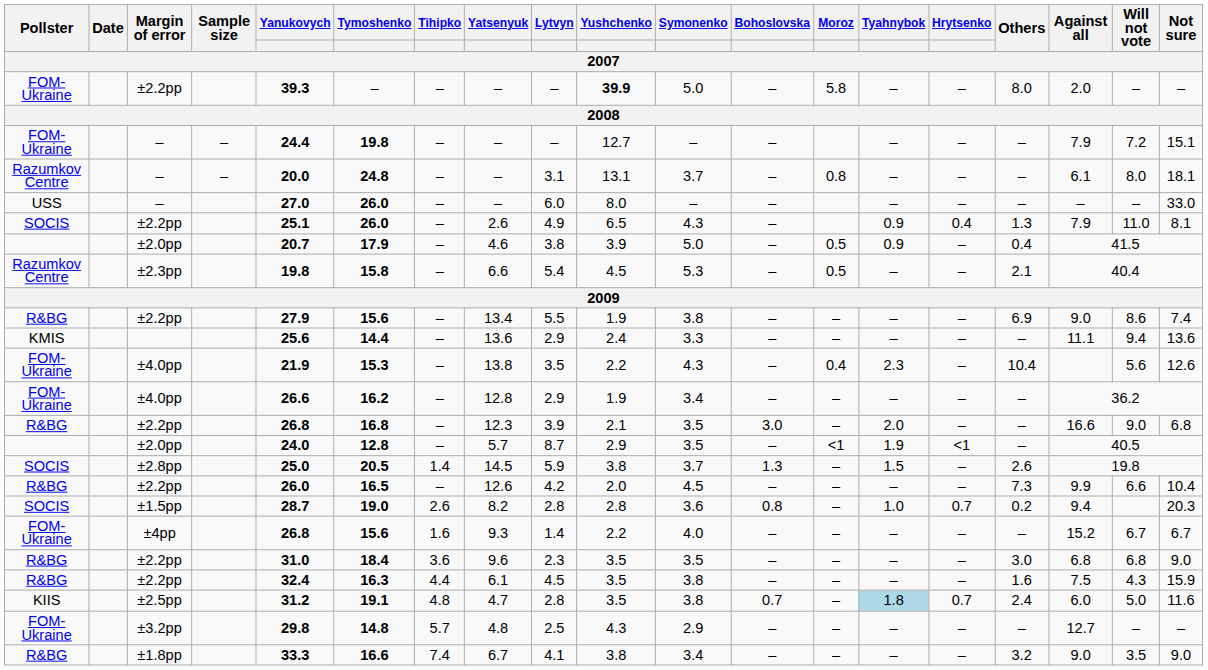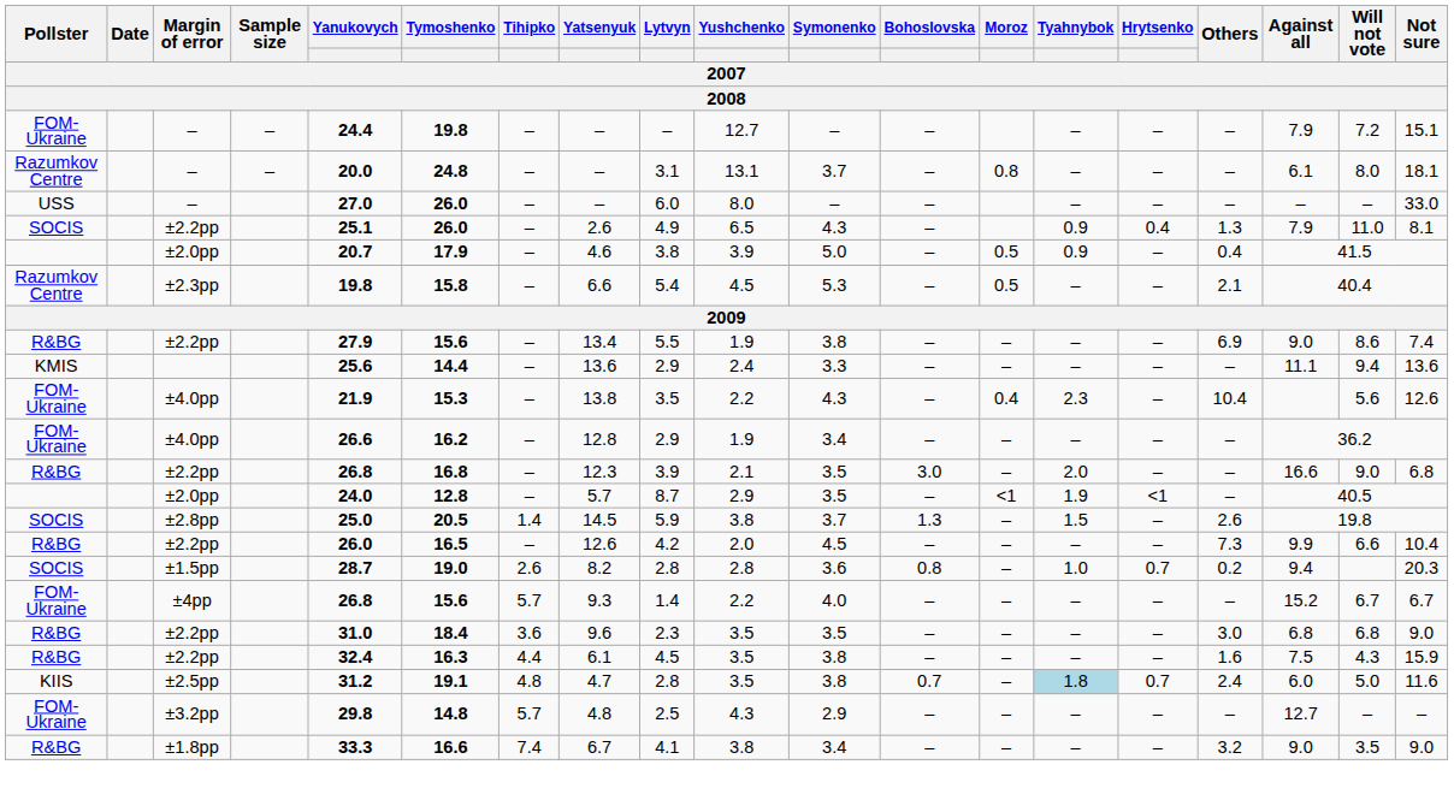 <table class="wikitable" style="text-align:center;font-size:95%;line-height:14px;">
 <tr>
 <th rowspan=2>Pollster</th>
 <th rowspan=2>Date</th>
 <th rowspan=2>Margin of error</th>
 <th rowspan=2>Sample size</th>
 <th style="width:40px;"> <small><a href='#'>Yanukovych</a></small><br></th>
 <th style="width:40px;"> <small><a href='#'>Tymoshenko</a></small><br></th>
 <th style="width:40px;"> <small><a href='#'>Tihipko</a></small><br></th>
 <th style="width:40px;"> <small><a href='#'>Yatsenyuk</a></small><br></th>
 <th style="width:40px;"> <small><a href='#'>Lytvyn</a></small><br></th>
 <th style="width:40px;"> <small><a href='#'>Yushchenko</a></small><br></th>
 <th style="width:40px;"> <small><a href='#'>Symonenko</a></small><br></th>
 <th style="width:40px;"> <small><a href='#'>Bohoslovska</a></small><br></th>
 <th style="width:40px;"> <small><a href='#'>Moroz</a></small><br></th>
 <th style="width:40px;"> <small><a href='#'>Tyahnybok</a></small><br></th>
 <th style="width:40px;"><small><a href='#'>Hrytsenko</a></small><br></th>
 <th rowspan=2>Others</th>
 <th rowspan=2>Against all</th>
 <th rowspan=2>Will not vote</th>
 <th rowspan=2>Not sure</th>
 </tr>
 <tr>
 <th></th>
 <th></th>
 <th></th>
 <th></th>
 <th></th>
 <th></th>
 <th></th>
 <th></th>
 <th></th>
 <th></th>
 <th></th>
 </tr>
 <tr>
 <th colspan=19>2007</th>
-</tr>
-<tr>
-<td><a href='#'>FOM-Ukraine</a></td>
-<td></td>
-<td>±2.2pp</td>
-<td></td>
-<td style="background-color:#"><strong>39.3</strong></td>
-<td>–</td>
-<td>–</td>
-<td>–</td>
-<td>–</td>
-<td style="background-color:#"><strong>39.9</strong></td>
-<td>5.0</td>
-<td>–</td>
-<td>5.8</td>
-<td>–</td>
-<td>–</td>
-<td>8.0</td>
-<td>2.0</td>
-<td>–</td>
-<td>–</td>
 </tr>
 <tr>
 <th colspan=19>2008</th>
 </tr>
 <tr>
 <td><a href='#'>FOM-Ukraine</a></td>
 <td></td>
 <td>–</td>
 <td>–</td>
 <td style="background-color:#"><strong>24.4</strong></td>
 <td style="background-color:#"><strong>19.8</strong></td>
 <td>–</td>
 <td>–</td>
 <td>–</td>
 <td>12.7</td>
 <td>–</td>
 <td>–</td>
 <td></td>
 <td>–</td>
 <td>–</td>
 <td>–</td>
 <td>7.9</td>
 <td>7.2</td>
 <td>15.1</td>
 </tr>
 <tr>
 <td><a href='#'>Razumkov Centre</a></td>
 <td></td>
 <td>–</td>
 <td>–</td>
 <td style="background-color:#"><strong>20.0</strong></td>
 <td style="background-color:#"><strong>24.8</strong></td>
 <td>–</td>
 <td>–</td>
 <td>3.1</td>
 <td>13.1</td>
 <td>3.7</td>
 <td>–</td>
 <td>0.8</td>
 <td>–</td>
 <td>–</td>
 <td>–</td>
 <td>6.1</td>
 <td>8.0</td>
 <td>18.1</td>
 </tr>
 <tr>
 <td>USS</td>
 <td></td>
 <td>–</td>
 <td></td>
 <td style="background-color:#"><strong>27.0</strong></td>
 <td style="background-color:#"><strong>26.0</strong></td>
 <td>–</td>
 <td>–</td>
 <td>6.0</td>
 <td>8.0</td>
 <td>–</td>
 <td>–</td>
 <td></td>
 <td>–</td>
 <td>–</td>
 <td>–</td>
 <td>–</td>
 <td>–</td>
 <td>33.0</td>
 </tr>
 <tr>
 <td><a href='#'>SOCIS</a></td>
 <td></td>
 <td>±2.2pp</td>
 <td></td>
 <td style="background-color:#"><strong>25.1</strong></td>
 <td style="background-color:#"><strong>26.0</strong></td>
 <td>–</td>
 <td>2.6</td>
 <td>4.9</td>
 <td>6.5</td>
 <td>4.3</td>
 <td>–</td>
 <td></td>
 <td>0.9</td>
 <td>0.4</td>
 <td>1.3</td>
 <td>7.9</td>
 <td>11.0</td>
 <td>8.1</td>
 </tr>
 <tr>
 <td></td>
 <td></td>
 <td>±2.0pp</td>
 <td></td>
 <td style="background-color:#"><strong>20.7</strong></td>
 <td style="background-color:#"><strong>17.9</strong></td>
 <td>–</td>
 <td>4.6</td>
 <td>3.8</td>
 <td>3.9</td>
 <td>5.0</td>
 <td>–</td>
 <td>0.5</td>
 <td>0.9</td>
 <td>–</td>
 <td>0.4</td>
 <td colspan="3">41.5</td>
 </tr>
 <tr>
 <td><a href='#'>Razumkov Centre</a></td>
 <td></td>
 <td>±2.3pp</td>
 <td></td>
 <td style="background-color:#"><strong>19.8</strong></td>
 <td style="background-color:#"><strong>15.8</strong></td>
 <td>–</td>
 <td>6.6</td>
 <td>5.4</td>
 <td>4.5</td>
 <td>5.3</td>
 <td>–</td>
 <td>0.5</td>
 <td>–</td>
 <td>–</td>
 <td>2.1</td>
 <td colspan="3">40.4</td>
 </tr>
 <tr>
 <th colspan=19>2009</th>
 </tr>
 <tr>
 <td><a href='#'>R&BG</a></td>
 <td></td>
 <td>±2.2pp</td>
 <td></td>
 <td style="background-color:#"><strong>27.9</strong></td>
 <td style="background-color:#"><strong>15.6</strong></td>
 <td>–</td>
 <td>13.4</td>
 <td>5.5</td>
 <td>1.9</td>
 <td>3.8</td>
 <td>–</td>
 <td>–</td>
 <td>–</td>
 <td>–</td>
 <td>6.9</td>
 <td>9.0</td>
 <td>8.6</td>
 <td>7.4</td>
 </tr>
 <tr>
 <td>KMIS</td>
 <td></td>
 <td></td>
 <td></td>
 <td style="background-color:#"><strong>25.6</strong></td>
 <td style="background-color:#"><strong>14.4</strong></td>
 <td>–</td>
 <td>13.6</td>
 <td>2.9</td>
 <td>2.4</td>
 <td>3.3</td>
 <td>–</td>
 <td>–</td>
 <td>–</td>
 <td>–</td>
 <td>–</td>
 <td>11.1</td>
 <td>9.4</td>
 <td>13.6</td>
 </tr>
 <tr>
 <td><a href='#'>FOM-Ukraine</a></td>
 <td></td>
 <td>±4.0pp</td>
 <td></td>
 <td style="background-color:#"><strong>21.9</strong></td>
 <td style="background-color:#"><strong>15.3</strong></td>
 <td>–</td>
 <td>13.8</td>
 <td>3.5</td>
 <td>2.2</td>
 <td>4.3</td>
 <td>–</td>
 <td>0.4</td>
 <td>2.3</td>
 <td>–</td>
 <td>10.4</td>
 <td></td>
 <td>5.6</td>
 <td>12.6</td>
 </tr>
 <tr>
 <td><a href='#'>FOM-Ukraine</a></td>
 <td></td>
 <td>±4.0pp</td>
 <td></td>
 <td style="background-color:#"><strong>26.6</strong></td>
 <td style="background-color:#"><strong>16.2</strong></td>
 <td>–</td>
 <td>12.8</td>
 <td>2.9</td>
 <td>1.9</td>
 <td>3.4</td>
 <td>–</td>
 <td>–</td>
 <td>–</td>
 <td>–</td>
 <td>–</td>
 <td colspan="3">36.2</td>
 </tr>
 <tr>
 <td><a href='#'>R&BG</a></td>
 <td></td>
 <td>±2.2pp</td>
 <td></td>
 <td style="background-color:#"><strong>26.8</strong></td>
 <td style="background-color:#"><strong>16.8</strong></td>
 <td>–</td>
 <td>12.3</td>
 <td>3.9</td>
 <td>2.1</td>
 <td>3.5</td>
 <td>3.0</td>
 <td>–</td>
 <td>2.0</td>
 <td>–</td>
 <td>–</td>
 <td>16.6</td>
 <td>9.0</td>
 <td>6.8</td>
 </tr>
 <tr>
 <td></td>
 <td></td>
 <td>±2.0pp</td>
 <td></td>
 <td style="background-color:#"><strong>24.0</strong></td>
 <td style="background-color:#"><strong>12.8</strong></td>
 <td>–</td>
 <td>5.7</td>
 <td>8.7</td>
 <td>2.9</td>
 <td>3.5</td>
 <td>–</td>
 <td><1</td>
 <td>1.9</td>
 <td><1</td>
 <td>–</td>
 <td colspan="3">40.5</td>
 </tr>
 <tr>
 <td><a href='#'>SOCIS</a></td>
 <td></td>
 <td>±2.8pp</td>
 <td></td>
 <td style="background-color:#"><strong>25.0</strong></td>
 <td style="background-color:#"><strong>20.5</strong></td>
 <td>1.4</td>
 <td>14.5</td>
 <td>5.9</td>
 <td>3.8</td>
 <td>3.7</td>
 <td>1.3</td>
 <td>–</td>
 <td>1.5</td>
 <td>–</td>
 <td>2.6</td>
 <td colspan="3">19.8</td>
 </tr>
 <tr>
 <td><a href='#'>R&BG</a></td>
 <td></td>
 <td>±2.2pp</td>
 <td></td>
 <td style="background-color:#"><strong>26.0</strong></td>
 <td style="background-color:#"><strong>16.5</strong></td>
 <td>–</td>
 <td>12.6</td>
 <td>4.2</td>
 <td>2.0</td>
 <td>4.5</td>
 <td>–</td>
 <td>–</td>
 <td>–</td>
 <td>–</td>
 <td>7.3</td>
 <td>9.9</td>
 <td>6.6</td>
 <td>10.4</td>
 </tr>
 <tr>
 <td><a href='#'>SOCIS</a></td>
 <td></td>
 <td>±1.5pp</td>
 <td></td>
 <td style="background-color:#"><strong>28.7</strong></td>
 <td style="background-color:#"><strong>19.0</strong></td>
 <td>2.6</td>
 <td>8.2</td>
 <td>2.8</td>
 <td>2.8</td>
 <td>3.6</td>
 <td>0.8</td>
 <td>–</td>
 <td>1.0</td>
 <td>0.7</td>
 <td>0.2</td>
 <td>9.4</td>
 <td></td>
 <td>20.3</td>
 </tr>
 <tr>
 <td><a href='#'>FOM-Ukraine</a></td>
 <td></td>
 <td>±4pp</td>
 <td></td>
 <td style="background-color:#"><strong>26.8</strong></td>
 <td style="background-color:#"><strong>15.6</strong></td>
-<td>1.6</td>
+<td>5.7</td>
 <td>9.3</td>
 <td>1.4</td>
 <td>2.2</td>
 <td>4.0</td>
 <td>–</td>
 <td>–</td>
 <td>–</td>
 <td>–</td>
 <td>–</td>
 <td>15.2</td>
 <td>6.7</td>
 <td>6.7</td>
 </tr>
 <tr>
 <td><a href='#'>R&BG</a></td>
 <td></td>
 <td>±2.2pp</td>
 <td></td>
 <td style="background-color:#"><strong>31.0</strong></td>
 <td style="background-color:#"><strong>18.4</strong></td>
 <td>3.6</td>
 <td>9.6</td>
 <td>2.3</td>
 <td>3.5</td>
 <td>3.5</td>
 <td>–</td>
 <td>–</td>
 <td>–</td>
 <td>–</td>
 <td>3.0</td>
 <td>6.8</td>
 <td>6.8</td>
 <td>9.0</td>
 </tr>
 <tr>
 <td><a href='#'>R&BG</a></td>
 <td></td>
 <td>±2.2pp</td>
 <td></td>
 <td style="background-color:#"><strong>32.4</strong></td>
 <td style="background-color:#"><strong>16.3</strong></td>
 <td>4.4</td>
 <td>6.1</td>
 <td>4.5</td>
 <td>3.5</td>
 <td>3.8</td>
 <td>–</td>
 <td>–</td>
 <td>–</td>
 <td>–</td>
 <td>1.6</td>
 <td>7.5</td>
 <td>4.3</td>
 <td>15.9</td>
 </tr>
 <tr>
 <td>KIIS</td>
 <td></td>
 <td>±2.5pp</td>
 <td></td>
 <td style="background-color:#"><strong>31.2</strong></td>
 <td style="background-color:#"><strong>19.1</strong></td>
 <td>4.8</td>
 <td>4.7</td>
 <td>2.8</td>
 <td>3.5</td>
 <td>3.8</td>
 <td>0.7</td>
 <td>–</td>
 <td style="background: lightblue;">1.8</td>
 <td>0.7</td>
 <td>2.4</td>
 <td>6.0</td>
 <td>5.0</td>
 <td>11.6</td>
 </tr>
 <tr>
 <td><a href='#'>FOM-Ukraine</a></td>
 <td></td>
 <td>±3.2pp</td>
 <td></td>
 <td style="background-color:#"><strong>29.8</strong></td>
 <td style="background-color:#"><strong>14.8</strong></td>
 <td>5.7</td>
 <td>4.8</td>
 <td>2.5</td>
 <td>4.3</td>
 <td>2.9</td>
 <td>–</td>
 <td>–</td>
 <td>–</td>
 <td>–</td>
 <td>–</td>
 <td>12.7</td>
 <td>–</td>
 <td>–</td>
 </tr>
 <tr>
 <td><a href='#'>R&BG</a></td>
 <td></td>
 <td>±1.8pp</td>
 <td></td>
 <td style="background-color:#"><strong>33.3</strong></td>
 <td style="background-color:#"><strong>16.6</strong></td>
 <td>7.4</td>
 <td>6.7</td>
 <td>4.1</td>
 <td>3.8</td>
 <td>3.4</td>
 <td>–</td>
 <td>–</td>
 <td>–</td>
 <td>–</td>
 <td>3.2</td>
 <td>9.0</td>
 <td>3.5</td>
 <td>9.0</td>
 </tr>
 </table>
